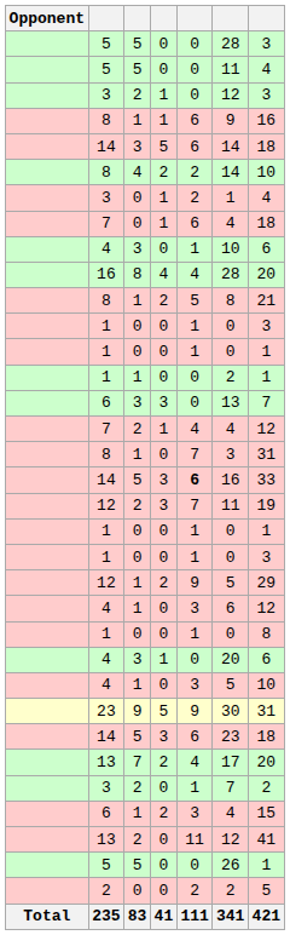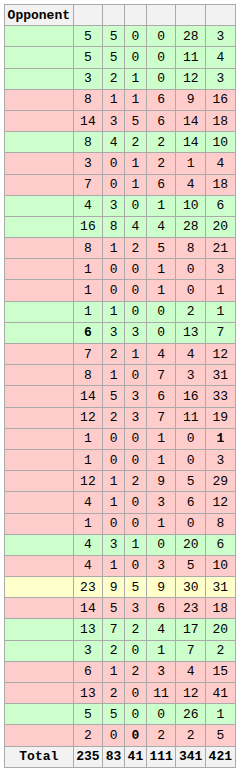 <table class="sortable wikitable" style="text-align:center; font-size:100%;">
 <tr>
 <th>Opponent</th>
 <th></th>
 <th></th>
 <th></th>
 <th></th>
 <th></th>
 <th></th>
 </tr>
 <tr bgcolor="#ccffcc">
 <td align="left"></td>
 <td>5</td>
 <td>5</td>
 <td>0</td>
 <td>0</td>
 <td>28</td>
 <td>3</td>
 </tr>
 <tr bgcolor="#ccffcc">
 <td align="left"></td>
 <td>5</td>
 <td>5</td>
 <td>0</td>
 <td>0</td>
 <td>11</td>
 <td>4</td>
 </tr>
 <tr bgcolor="#ccffcc">
 <td align="left"></td>
 <td>3</td>
 <td>2</td>
 <td>1</td>
 <td>0</td>
 <td>12</td>
 <td>3</td>
 </tr>
 <tr bgcolor="#ffcccc">
 <td align="left"></td>
 <td>8</td>
 <td>1</td>
 <td>1</td>
 <td>6</td>
 <td>9</td>
 <td>16</td>
 </tr>
 <tr bgcolor="#ffcccc">
 <td align="left"></td>
 <td>14</td>
 <td>3</td>
 <td>5</td>
 <td>6</td>
 <td>14</td>
 <td>18</td>
 </tr>
 <tr bgcolor="#ccffcc">
 <td align="left"></td>
 <td>8</td>
 <td>4</td>
 <td>2</td>
 <td>2</td>
 <td>14</td>
 <td>10</td>
 </tr>
 <tr bgcolor="#ffcccc">
 <td align="left"></td>
 <td>3</td>
 <td>0</td>
 <td>1</td>
 <td>2</td>
 <td>1</td>
 <td>4</td>
 </tr>
 <tr bgcolor="#ffcccc">
 <td align="left"></td>
 <td>7</td>
 <td>0</td>
 <td>1</td>
 <td>6</td>
 <td>4</td>
 <td>18</td>
 </tr>
 <tr bgcolor="#ccffcc">
 <td align="left"></td>
 <td>4</td>
 <td>3</td>
 <td>0</td>
 <td>1</td>
 <td>10</td>
 <td>6</td>
 </tr>
 <tr bgcolor="#ccffcc">
 <td align="left"></td>
 <td>16</td>
 <td>8</td>
 <td>4</td>
 <td>4</td>
 <td>28</td>
 <td>20</td>
 </tr>
 <tr bgcolor="#ffcccc">
 <td align="left"></td>
 <td>8</td>
 <td>1</td>
 <td>2</td>
 <td>5</td>
 <td>8</td>
 <td>21</td>
 </tr>
 <tr bgcolor="#ffcccc">
 <td align="left"></td>
 <td>1</td>
 <td>0</td>
 <td>0</td>
 <td>1</td>
 <td>0</td>
 <td>3</td>
 </tr>
 <tr bgcolor="#ffcccc">
 <td align="left"></td>
 <td>1</td>
 <td>0</td>
 <td>0</td>
 <td>1</td>
 <td>0</td>
 <td>1</td>
 </tr>
 <tr bgcolor="#ccffcc">
 <td align="left"></td>
 <td>1</td>
 <td>1</td>
 <td>0</td>
 <td>0</td>
 <td>2</td>
 <td>1</td>
 </tr>
 <tr bgcolor="#ccffcc">
 <td align="left"></td>
-<td>6</td>
+<td><strong>6</strong></td>
 <td>3</td>
 <td>3</td>
 <td>0</td>
 <td>13</td>
 <td>7</td>
 </tr>
 <tr bgcolor="#ffcccc">
 <td align="left"></td>
 <td>7</td>
 <td>2</td>
 <td>1</td>
 <td>4</td>
 <td>4</td>
 <td>12</td>
 </tr>
 <tr bgcolor="#ffcccc">
 <td align="left"></td>
 <td>8</td>
 <td>1</td>
 <td>0</td>
 <td>7</td>
 <td>3</td>
 <td>31</td>
 </tr>
 <tr bgcolor="#ffcccc">
 <td align="left"></td>
 <td>14</td>
 <td>5</td>
 <td>3</td>
-<td><strong>6</strong></td>
+<td>6</td>
 <td>16</td>
 <td>33</td>
 </tr>
 <tr bgcolor="#ffcccc">
 <td align="left"></td>
 <td>12</td>
 <td>2</td>
 <td>3</td>
 <td>7</td>
 <td>11</td>
 <td>19</td>
 </tr>
 <tr bgcolor="#ffcccc">
 <td align="left"></td>
 <td>1</td>
 <td>0</td>
 <td>0</td>
 <td>1</td>
 <td>0</td>
-<td>1</td>
+<td><strong>1</strong></td>
 </tr>
 <tr bgcolor="#ffcccc">
 <td align="left"></td>
 <td>1</td>
 <td>0</td>
 <td>0</td>
 <td>1</td>
 <td>0</td>
 <td>3</td>
 </tr>
 <tr bgcolor="#ffcccc">
 <td align="left"></td>
 <td>12</td>
 <td>1</td>
 <td>2</td>
 <td>9</td>
 <td>5</td>
 <td>29</td>
 </tr>
 <tr bgcolor="#ffcccc">
 <td align="left"></td>
 <td>4</td>
 <td>1</td>
 <td>0</td>
 <td>3</td>
 <td>6</td>
 <td>12</td>
 </tr>
 <tr bgcolor="#ffcccc">
 <td align="left"></td>
 <td>1</td>
 <td>0</td>
 <td>0</td>
 <td>1</td>
 <td>0</td>
 <td>8</td>
 </tr>
 <tr bgcolor="#ccffcc">
 <td align="left"></td>
 <td>4</td>
 <td>3</td>
 <td>1</td>
 <td>0</td>
 <td>20</td>
 <td>6</td>
 </tr>
 <tr bgcolor="#ffcccc">
 <td align="left"></td>
 <td>4</td>
 <td>1</td>
 <td>0</td>
 <td>3</td>
 <td>5</td>
 <td>10</td>
 </tr>
 <tr bgcolor="#ffffcc">
 <td align="left"></td>
 <td>23</td>
 <td>9</td>
 <td>5</td>
 <td>9</td>
 <td>30</td>
 <td>31</td>
 </tr>
 <tr bgcolor="#ffcccc">
 <td align="left"></td>
 <td>14</td>
 <td>5</td>
 <td>3</td>
 <td>6</td>
 <td>23</td>
 <td>18</td>
 </tr>
 <tr bgcolor="#ccffcc">
 <td align="left"></td>
 <td>13</td>
 <td>7</td>
 <td>2</td>
 <td>4</td>
 <td>17</td>
 <td>20</td>
 </tr>
 <tr bgcolor="#ccffcc">
 <td align="left"></td>
 <td>3</td>
 <td>2</td>
 <td>0</td>
 <td>1</td>
 <td>7</td>
 <td>2</td>
 </tr>
 <tr bgcolor="#ffcccc">
 <td align="left"></td>
 <td>6</td>
 <td>1</td>
 <td>2</td>
 <td>3</td>
 <td>4</td>
 <td>15</td>
 </tr>
 <tr bgcolor="#ffcccc">
 <td align="left"></td>
 <td>13</td>
 <td>2</td>
 <td>0</td>
 <td>11</td>
 <td>12</td>
 <td>41</td>
 </tr>
 <tr bgcolor="#ccffcc">
 <td align="left"></td>
 <td>5</td>
 <td>5</td>
 <td>0</td>
 <td>0</td>
 <td>26</td>
 <td>1</td>
 </tr>
 <tr bgcolor="#ffcccc">
 <td align="left"></td>
 <td>2</td>
 <td>0</td>
-<td>0</td>
+<td><strong>0</strong></td>
 <td>2</td>
 <td>2</td>
 <td>5</td>
 </tr>
 <tr class="sortbottom">
 <th>Total</th>
 <th>235</th>
 <th>83</th>
 <th>41</th>
 <th>111</th>
 <th>341</th>
 <th>421</th>
 </tr>
 </table>
